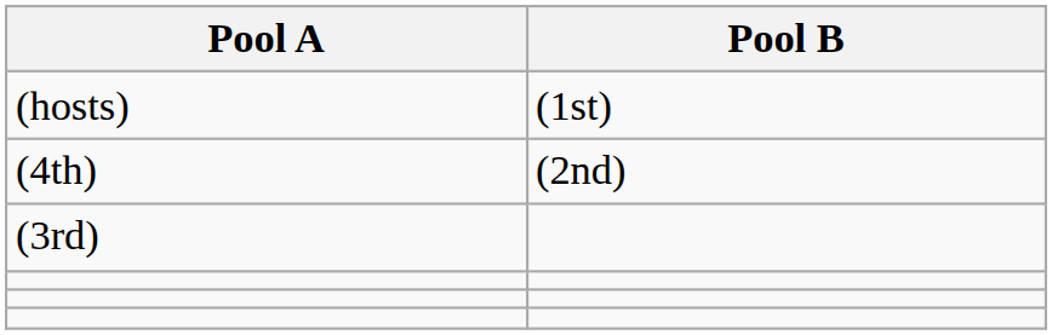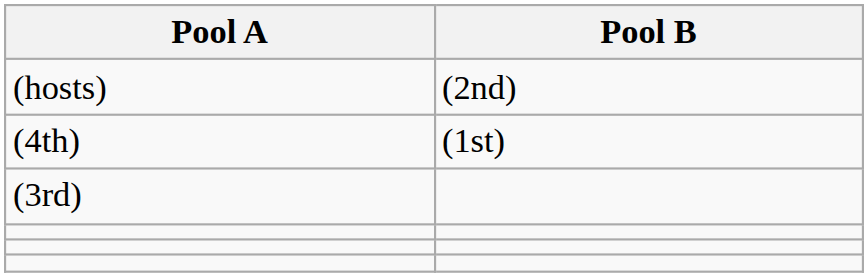 <table class="wikitable" width=400>
 <tr>
 <th width=50%>Pool A</th>
 <th width=50%>Pool B</th>
 </tr>
 <tr>
 <td> (hosts)</td>
-<td> (1st)</td>
+<td> (2nd)</td>
 </tr>
 <tr>
 <td> (4th)</td>
-<td> (2nd)</td>
+<td> (1st)</td>
 </tr>
 <tr>
 <td> (3rd)</td>
 <td></td>
 </tr>
 <tr>
 <td></td>
 <td></td>
 </tr>
 <tr>
 <td></td>
 <td></td>
 </tr>
 <tr>
 <td></td>
 <td></td>
 </tr>
 </table>
